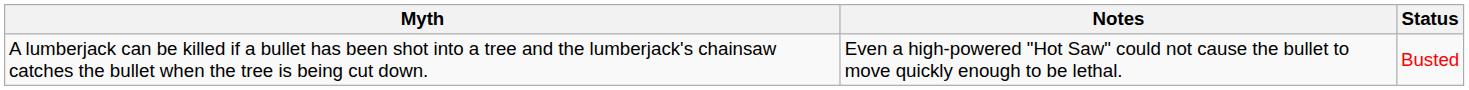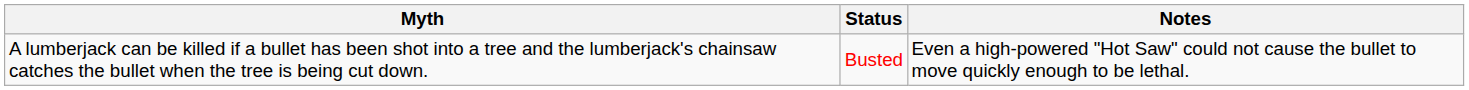 <table class="wikitable plainrowheaders">
 <tr>
 <th scope"col">Myth</th>
+<th scope"col">Status</th>
 <th scope"col">Notes</th>
-<th scope"col">Status</th>
 </tr>
 <tr>
 <td scope"row">A lumberjack can be killed if a bullet has been shot into a tree and the lumberjack's chainsaw catches the bullet when the tree is being cut down.</td>
+<td style="color:red">Busted</td>
 <td>Even a high-powered "Hot Saw" could not cause the bullet to move quickly enough to be lethal.</td>
-<td style="color:red">Busted</td>
 </tr>
 </table>
